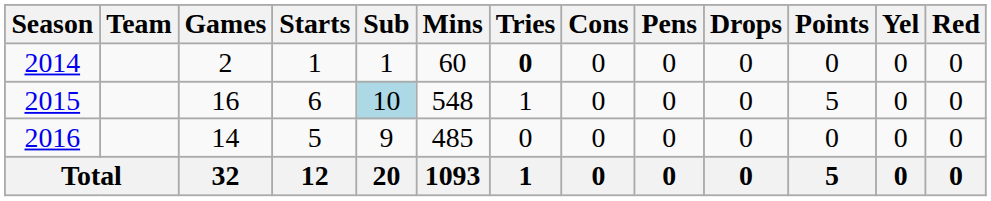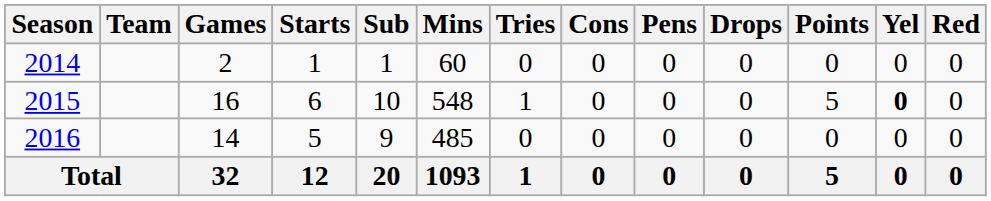 <table class="wikitable" style="text-align:center; line-height:90%; font-size:95%; width:70%;">
 <tr>
 <th>Season</th>
 <th>Team</th>
 <th>Games</th>
 <th>Starts</th>
 <th>Sub</th>
 <th>Mins</th>
 <th>Tries</th>
 <th>Cons</th>
 <th>Pens</th>
 <th>Drops</th>
 <th>Points</th>
 <th>Yel</th>
 <th>Red</th>
 </tr>
 <tr>
 <td><a href='#'>2014</a></td>
 <td></td>
 <td>2</td>
 <td>1</td>
 <td>1</td>
 <td>60</td>
-<td><strong>0</strong></td>
+<td>0</td>
 <td>0</td>
 <td>0</td>
 <td>0</td>
 <td>0</td>
 <td>0</td>
 <td>0</td>
 </tr>
 <tr>
 <td><a href='#'>2015</a></td>
 <td></td>
 <td>16</td>
 <td>6</td>
-<td style="background: lightblue;">10</td>
+<td>10</td>
 <td>548</td>
 <td>1</td>
 <td>0</td>
 <td>0</td>
 <td>0</td>
 <td>5</td>
-<td>0</td>
+<td><strong>0</strong></td>
 <td>0</td>
 </tr>
 <tr>
 <td><a href='#'>2016</a></td>
 <td></td>
 <td>14</td>
 <td>5</td>
 <td>9</td>
 <td>485</td>
 <td>0</td>
 <td>0</td>
 <td>0</td>
 <td>0</td>
 <td>0</td>
 <td>0</td>
 <td>0</td>
 </tr>
 <tr>
 <th colspan="2">Total</th>
 <th>32</th>
 <th>12</th>
 <th>20</th>
 <th>1093</th>
 <th>1</th>
 <th>0</th>
 <th>0</th>
 <th>0</th>
 <th>5</th>
 <th>0</th>
 <th>0</th>
 </tr>
 </table>
